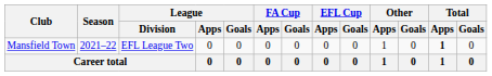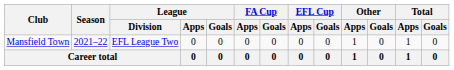 <table class="wikitable" style="text-align:center;">
 <tr>
 <th rowspan="2">Club</th>
 <th rowspan="2">Season</th>
 <th colspan="3">League</th>
 <th colspan="2"><a href='#'>FA Cup</a></th>
 <th colspan="2"><a href='#'>EFL Cup</a></th>
 <th colspan="2">Other</th>
 <th colspan="2">Total</th>
 </tr>
 <tr>
 <th>Division</th>
 <th>Apps</th>
 <th>Goals</th>
 <th>Apps</th>
 <th>Goals</th>
 <th>Apps</th>
 <th>Goals</th>
 <th>Apps</th>
 <th>Goals</th>
 <th>Apps</th>
 <th>Goals</th>
 </tr>
 <tr>
 <td><a href='#'>Mansfield Town</a></td>
 <td><a href='#'>2021–22</a></td>
 <td><a href='#'>EFL League Two</a></td>
 <td>0</td>
 <td>0</td>
 <td>0</td>
 <td>0</td>
 <td>0</td>
 <td>0</td>
 <td>1</td>
 <td>0</td>
-<td><strong>1</strong></td>
+<td>1</td>
 <td>0</td>
 </tr>
 <tr>
 <th colspan="3">Career total</th>
 <th>0</th>
 <th>0</th>
 <th>0</th>
 <th>0</th>
 <th>0</th>
 <th>0</th>
 <th>1</th>
 <th>0</th>
 <th>1</th>
 <th>0</th>
 </tr>
 </table>
